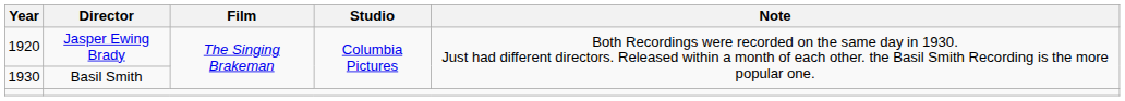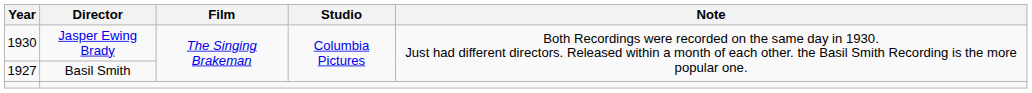 <table class="wikitable sortable plainrowheaders" style="text-align:center;">
 <tr>
 <th scope="col">Year</th>
 <th scope="col">Director</th>
 <th scope="col">Film</th>
 <th scope="col">Studio</th>
 <th>Note</th>
 </tr>
 <tr>
-<td>1920</td>
+<td>1930</td>
 <td><a href='#'>Jasper Ewing Brady</a></td>
 <td ! rowspan="2"><em><a href='#'>The Singing Brakeman</a></em></td>
 <td ! rowspan="2"><a href='#'>Columbia Pictures</a></td>
 <td rowspan="2">Both Recordings were recorded on the same day in 1930.<br>Just had different directors. Released within a month of each other.  the Basil Smith Recording is the more popular one.</td>
 </tr>
 <tr>
-<td>1930</td>
+<td>1927</td>
 <td>Basil Smith</td>
 </tr>
 <tr>
 <td></td>
 </tr>
 </table>
